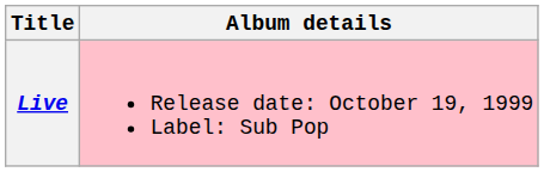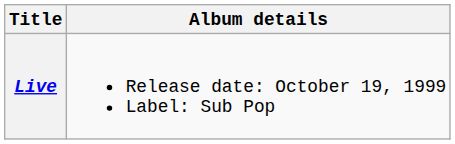 <table class="wikitable plainrowheaders">
 <tr>
 <th scope="col">Title</th>
 <th scope="col">Album details</th>
 </tr>
 <tr>
 <th scope="row"><em><a href='#'>Live</a></em></th>
-<td style="background: pink;"><br><ul><li>Release date: October 19, 1999</li><li>Label: Sub Pop</li></ul></td>
+<td><br><ul><li>Release date: October 19, 1999</li><li>Label: Sub Pop</li></ul></td>
 </tr>
 </table>
